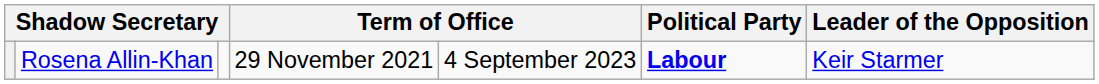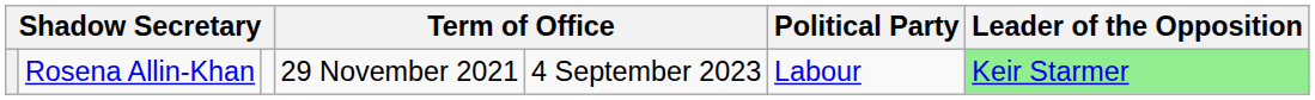 <table class="wikitable">
 <tr>
 <th colspan="3">Shadow Secretary</th>
 <th colspan="2">Term of Office</th>
 <th>Political Party</th>
 <th>Leader of the Opposition</th>
 </tr>
 <tr>
 <th style="background-color: "></th>
 <td><a href='#'>Rosena Allin-Khan</a> </td>
 <td></td>
 <td>29 November 2021</td>
 <td>4 September 2023</td>
-<td><strong><a href='#'>Labour</a></strong></td>
-<td><a href='#'>Keir Starmer</a></td>
+<td><a href='#'>Labour</a></td>
+<td style="background: lightgreen;"><a href='#'>Keir Starmer</a></td>
 </tr>
 </table>
